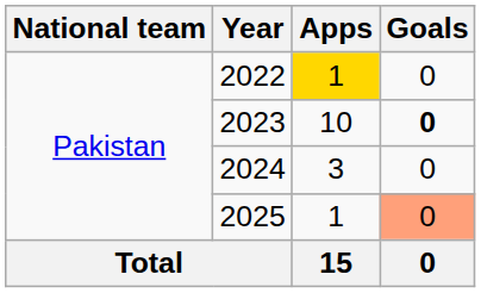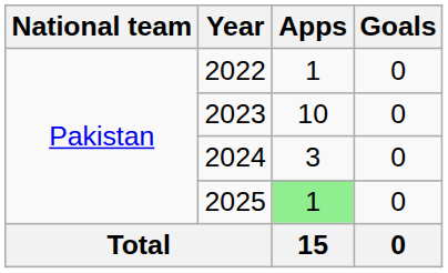 <table class="wikitable" style="text-align:center">
 <tr>
 <th>National team</th>
 <th>Year</th>
 <th>Apps</th>
 <th>Goals</th>
 </tr>
 <tr>
 <td rowspan="4"><a href='#'>Pakistan</a></td>
 <td>2022</td>
-<td style="background: gold;">1</td>
+<td>1</td>
 <td>0</td>
 </tr>
 <tr>
 <td>2023</td>
 <td>10</td>
-<td><strong>0</strong></td>
+<td>0</td>
 </tr>
 <tr>
 <td>2024</td>
 <td>3</td>
 <td>0</td>
 </tr>
 <tr>
 <td>2025</td>
-<td>1</td>
-<td style="background: lightsalmon;">0</td>
+<td style="background: lightgreen;">1</td>
+<td>0</td>
 </tr>
 <tr>
 <th colspan="2">Total</th>
 <th>15</th>
 <th>0</th>
 </tr>
 </table>
